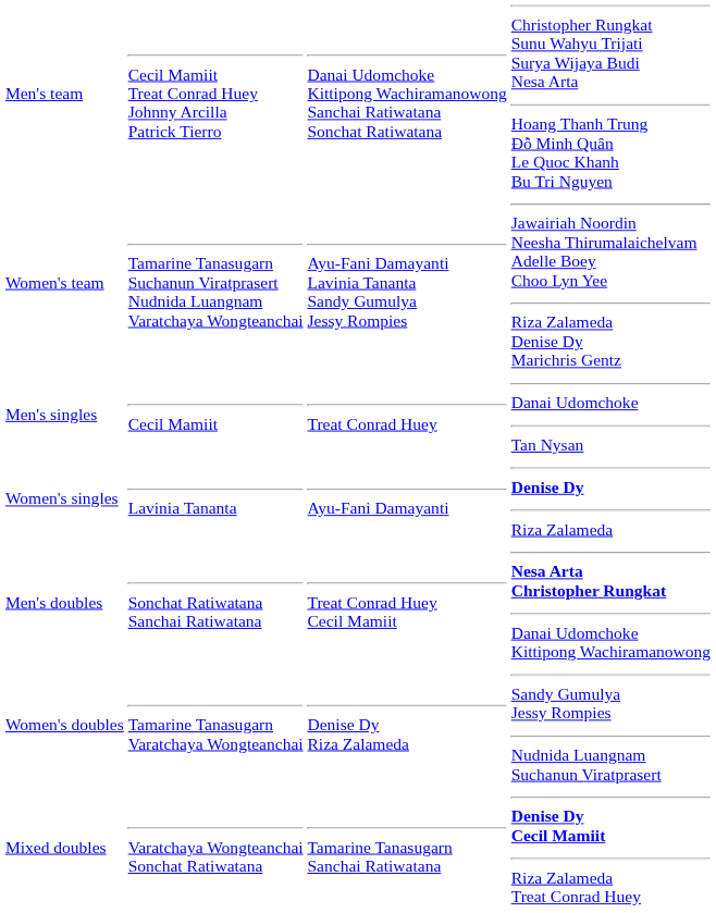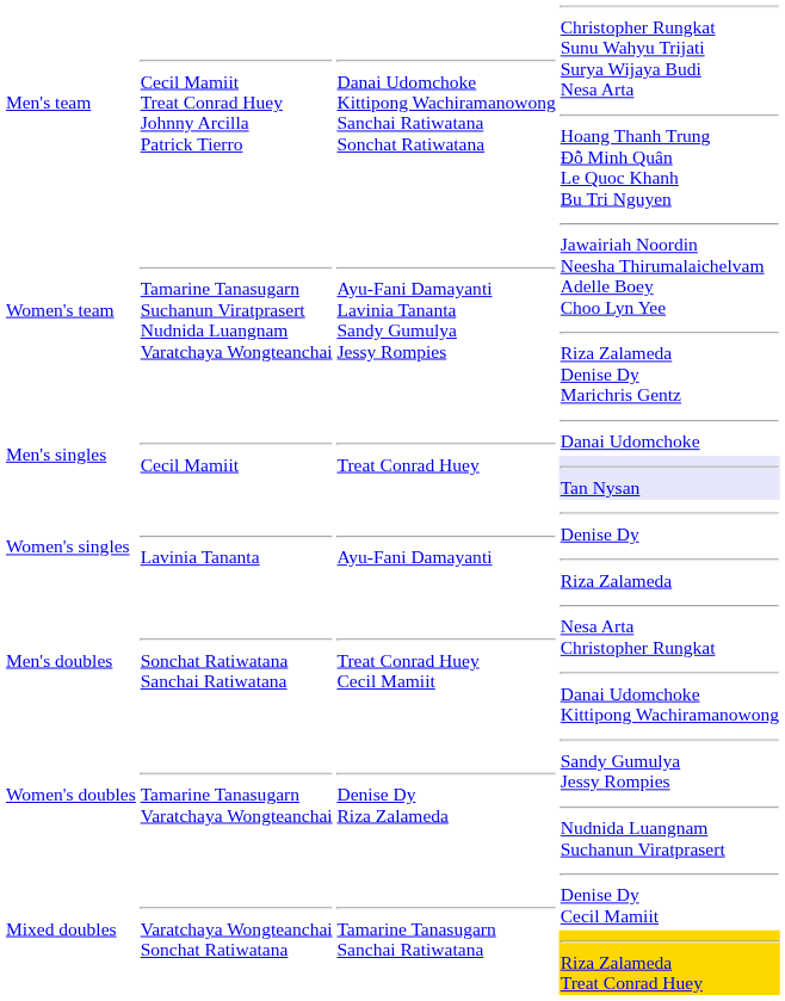 <table>
 <tr>
 <td rowspan=2><a href='#'>Men's team</a></td>
 <td rowspan=2> <hr> <a href='#'>Cecil Mamiit</a> <br> <a href='#'>Treat Conrad Huey</a> <br> <a href='#'>Johnny Arcilla</a> <br> <a href='#'>Patrick Tierro</a></td>
 <td rowspan=2> <hr> <a href='#'>Danai Udomchoke</a> <br> <a href='#'>Kittipong Wachiramanowong</a> <br> <a href='#'>Sanchai Ratiwatana</a> <br> <a href='#'>Sonchat Ratiwatana</a></td>
 <td> <hr> <a href='#'>Christopher Rungkat</a> <br> <a href='#'>Sunu Wahyu Trijati</a> <br> <a href='#'>Surya Wijaya Budi</a> <br> <a href='#'>Nesa Arta</a></td>
 </tr>
 <tr>
 <td>  <hr> <a href='#'>Hoang Thanh Trung</a> <br> <a href='#'>Đỗ Minh Quân</a> <br> <a href='#'>Le Quoc Khanh</a> <br> <a href='#'>Bu Tri Nguyen</a></td>
 </tr>
 <tr>
 <td rowspan=2><a href='#'>Women's team</a></td>
 <td rowspan=2> <hr> <a href='#'>Tamarine Tanasugarn</a> <br> <a href='#'>Suchanun Viratprasert</a> <br> <a href='#'>Nudnida Luangnam</a> <br> <a href='#'>Varatchaya Wongteanchai</a></td>
 <td rowspan=2> <hr> <a href='#'>Ayu-Fani Damayanti</a> <br> <a href='#'>Lavinia Tananta</a> <br> <a href='#'>Sandy Gumulya</a> <br> <a href='#'>Jessy Rompies</a></td>
 <td> <hr> <a href='#'>Jawairiah Noordin</a> <br> <a href='#'>Neesha Thirumalaichelvam</a> <br> <a href='#'>Adelle Boey</a> <br> <a href='#'>Choo Lyn Yee</a></td>
 </tr>
 <tr>
 <td> <hr> <a href='#'>Riza Zalameda</a> <br> <a href='#'>Denise Dy</a> <br> <a href='#'>Marichris Gentz</a></td>
 </tr>
 <tr>
 <td rowspan=2><a href='#'>Men's singles</a></td>
 <td rowspan=2> <hr> <a href='#'>Cecil Mamiit</a></td>
 <td rowspan=2> <hr> <a href='#'>Treat Conrad Huey</a></td>
 <td> <hr> <a href='#'>Danai Udomchoke</a></td>
 </tr>
 <tr>
-<td> <hr> <a href='#'>Tan Nysan</a></td>
+<td style="background: lavender;"> <hr> <a href='#'>Tan Nysan</a></td>
 </tr>
 <tr>
 <td rowspan=2><a href='#'>Women's singles</a></td>
 <td rowspan=2> <hr> <a href='#'>Lavinia Tananta</a></td>
 <td rowspan=2> <hr> <a href='#'>Ayu-Fani Damayanti</a></td>
-<td><strong> <hr> <a href='#'>Denise Dy</a></strong></td>
+<td> <hr> <a href='#'>Denise Dy</a></td>
 </tr>
 <tr>
 <td> <hr> <a href='#'>Riza Zalameda</a></td>
 </tr>
 <tr>
 <td rowspan=2><a href='#'>Men's doubles</a></td>
 <td rowspan=2> <hr> <a href='#'>Sonchat Ratiwatana</a> <br> <a href='#'>Sanchai Ratiwatana</a></td>
 <td rowspan=2> <hr> <a href='#'>Treat Conrad Huey</a> <br> <a href='#'>Cecil Mamiit</a></td>
-<td><strong> <hr> <a href='#'>Nesa Arta</a> <br> <a href='#'>Christopher Rungkat</a></strong></td>
+<td> <hr> <a href='#'>Nesa Arta</a> <br> <a href='#'>Christopher Rungkat</a></td>
 </tr>
 <tr>
 <td> <hr> <a href='#'>Danai Udomchoke</a> <br> <a href='#'>Kittipong Wachiramanowong</a></td>
 </tr>
 <tr>
 <td rowspan=2><a href='#'>Women's doubles</a></td>
 <td rowspan=2> <hr> <a href='#'>Tamarine Tanasugarn</a> <br> <a href='#'>Varatchaya Wongteanchai</a></td>
 <td rowspan=2> <hr> <a href='#'>Denise Dy</a> <br> <a href='#'>Riza Zalameda</a></td>
 <td> <hr> <a href='#'>Sandy Gumulya</a> <br> <a href='#'>Jessy Rompies</a></td>
 </tr>
 <tr>
 <td> <hr> <a href='#'>Nudnida Luangnam</a> <br> <a href='#'>Suchanun Viratprasert</a></td>
 </tr>
 <tr>
 <td rowspan=2><a href='#'>Mixed doubles</a></td>
 <td rowspan=2> <hr> <a href='#'>Varatchaya Wongteanchai</a> <br> <a href='#'>Sonchat Ratiwatana</a></td>
 <td rowspan=2> <hr> <a href='#'>Tamarine Tanasugarn</a> <br> <a href='#'>Sanchai Ratiwatana</a></td>
-<td><strong> <hr> <a href='#'>Denise Dy</a> <br> <a href='#'>Cecil Mamiit</a></strong></td>
+<td> <hr> <a href='#'>Denise Dy</a> <br> <a href='#'>Cecil Mamiit</a></td>
 </tr>
 <tr>
-<td> <hr> <a href='#'>Riza Zalameda</a> <br> <a href='#'>Treat Conrad Huey</a></td>
+<td style="background: gold;"> <hr> <a href='#'>Riza Zalameda</a> <br> <a href='#'>Treat Conrad Huey</a></td>
 </tr>
 <tr>
 </tr>
 </table>
